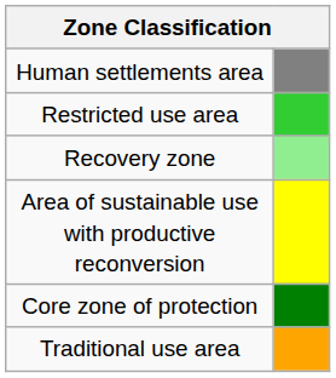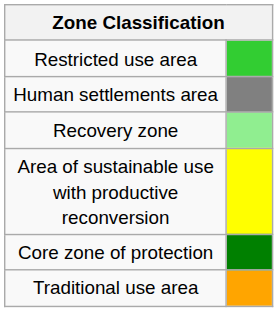 <table class="wikitable">
 <tr>
 <th colspan="2"><small>Zone Classification</small></th>
 </tr>
 <tr>
+<td align="center" style="width:150px"><small>Restricted use area</small></td>
+<td align="center" style="width:25px;color:white;background:limegreen;"></td>
+</tr>
+<tr>
 <td align="center" style="width:150px"><small>Human settlements area</small></td>
 <td align="center" style="width:25px;color:white;background:gray;"></td>
-</tr>
-<tr>
-<td align="center" style="width:150px"><small>Restricted use area</small></td>
-<td align="center" style="width:25px;color:white;background:limegreen;"></td>
 </tr>
 <tr>
 <td align="center" style="width:150px"><small>Recovery zone</small></td>
 <td align="center" style="width:25px;color:white;background:lightgreen;"></td>
 </tr>
 <tr>
 <td align="center" style="width:150px"><small>Area of sustainable use with productive reconversion</small></td>
 <td align="center" style="width:25px;color:white;background:yellow;"></td>
 </tr>
 <tr>
 <td align="center" style="width:150px"><small>Core zone of protection</small></td>
 <td align="center" style="width:25px;color:white;background:green;"></td>
 </tr>
 <tr>
 <td align="center" style="width:150px"><small>Traditional use area</small></td>
 <td align="center" style="width:25px;color:white;background:orange;"></td>
 </tr>
 </table>
